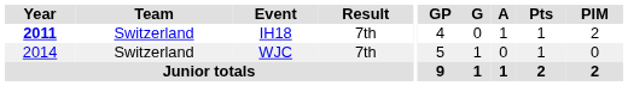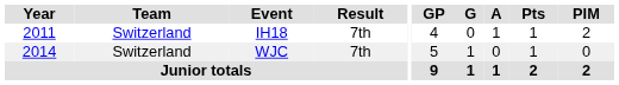 <table border="0" cellpadding="1" cellspacing="0" ID="Table3" style="text-align:center; width:40em">
 <tr ALIGN="center" bgcolor="#e0e0e0">
 <th>Year</th>
 <th>Team</th>
 <th>Event</th>
 <th>Result</th>
 <th rowspan="99" bgcolor="#ffffff"></th>
 <th>GP</th>
 <th>G</th>
 <th>A</th>
 <th>Pts</th>
 <th>PIM</th>
 </tr>
 <tr>
-<td><strong><a href='#'>2011</a></strong></td>
+<td><a href='#'>2011</a></td>
 <td><a href='#'>Switzerland</a></td>
 <td><a href='#'>IH18</a></td>
 <td>7th</td>
 <td>4</td>
 <td>0</td>
 <td>1</td>
 <td>1</td>
 <td>2</td>
 </tr>
 <tr bgcolor="#f0f0f0">
 <td><a href='#'>2014</a></td>
 <td>Switzerland</td>
 <td><a href='#'>WJC</a></td>
 <td>7th</td>
 <td>5</td>
 <td>1</td>
 <td>0</td>
 <td>1</td>
 <td>0</td>
 </tr>
 <tr bgcolor="#e0e0e0">
 <th colspan="4">Junior totals</th>
 <th>9</th>
 <th>1</th>
 <th>1</th>
 <th>2</th>
 <th>2</th>
 </tr>
 </table>
